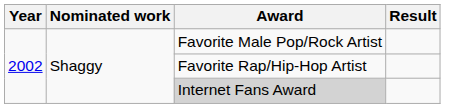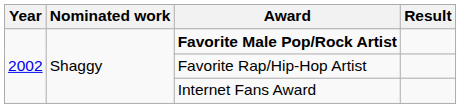 <table class="wikitable">
 <tr>
 <th>Year</th>
 <th>Nominated work</th>
 <th>Award</th>
 <th>Result</th>
 </tr>
 <tr>
 <td rowspan=3 align=center><a href='#'>2002</a></td>
 <td rowspan=3>Shaggy</td>
-<td>Favorite Male Pop/Rock Artist</td>
+<td><strong>Favorite Male Pop/Rock Artist</strong></td>
 <td></td>
 </tr>
 <tr>
 <td>Favorite Rap/Hip-Hop Artist</td>
 <td></td>
 </tr>
 <tr>
-<td style="background: lightgrey;">Internet Fans Award</td>
+<td>Internet Fans Award</td>
 <td></td>
 </tr>
 </table>
